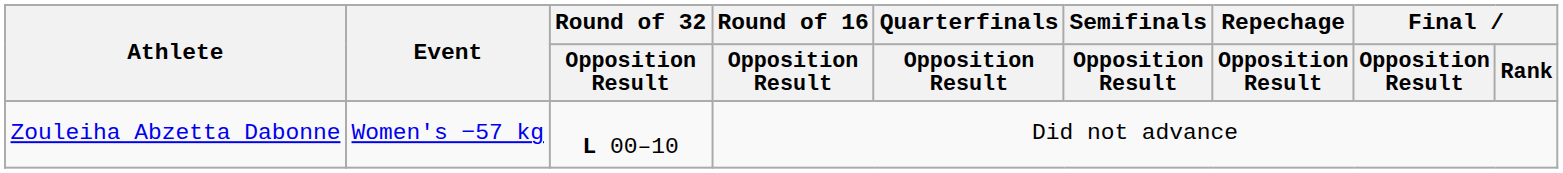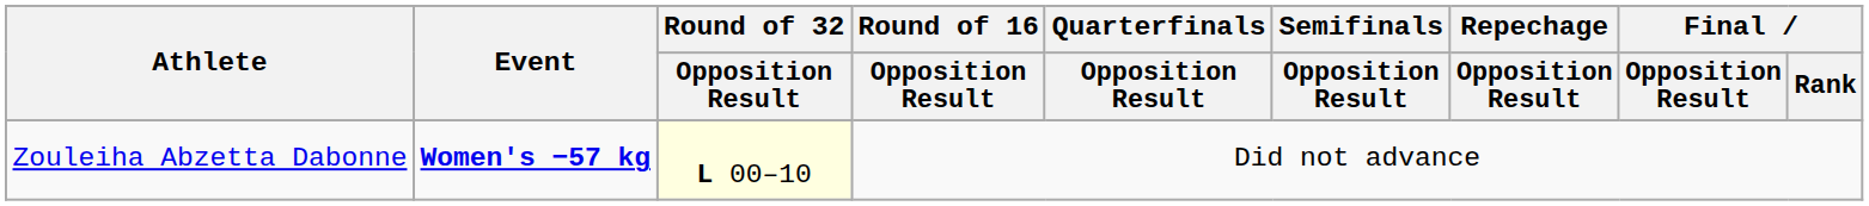 <table class="wikitable" style="font-size:90%">
 <tr>
 <th rowspan="2">Athlete</th>
 <th rowspan="2">Event</th>
 <th>Round of 32</th>
 <th>Round of 16</th>
 <th>Quarterfinals</th>
 <th>Semifinals</th>
 <th>Repechage</th>
 <th colspan=2>Final / </th>
 </tr>
 <tr style="font-size:95%">
 <th>Opposition<br>Result</th>
 <th>Opposition<br>Result</th>
 <th>Opposition<br>Result</th>
 <th>Opposition<br>Result</th>
 <th>Opposition<br>Result</th>
 <th>Opposition<br>Result</th>
 <th>Rank</th>
 </tr>
 <tr align=center>
 <td align=left><a href='#'>Zouleiha Abzetta Dabonne</a></td>
-<td align=left><a href='#'>Women's −57 kg</a></td>
-<td><br><strong>L</strong> 00–10</td>
+<td align=left><strong><a href='#'>Women's −57 kg</a></strong></td>
+<td style="background: lightyellow;"><br><strong>L</strong> 00–10</td>
 <td colspan=6>Did not advance</td>
 </tr>
 </table>
